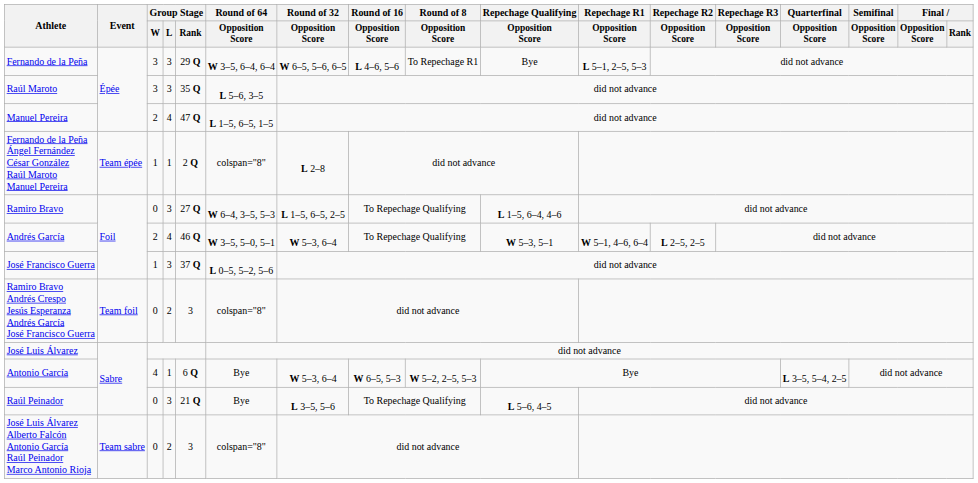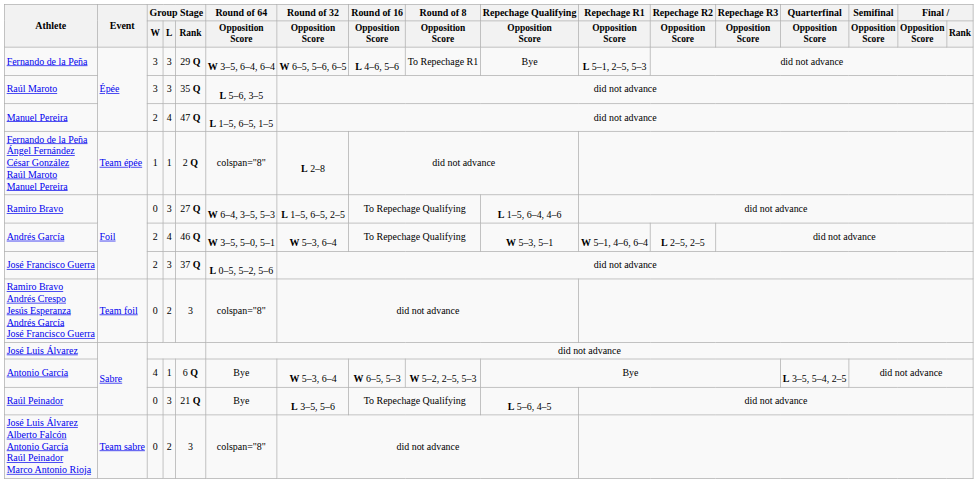 <table class="wikitable" style="font-size:90%">
 <tr>
 <th rowspan="2">Athlete</th>
 <th rowspan="2">Event</th>
 <th colspan="3">Group Stage</th>
 <th>Round of 64</th>
 <th>Round of 32</th>
 <th>Round of 16</th>
 <th>Round of 8</th>
 <th>Repechage Qualifying</th>
 <th>Repechage R1</th>
 <th>Repechage R2</th>
 <th>Repechage R3</th>
 <th>Quarterfinal</th>
 <th>Semifinal</th>
 <th colspan=2>Final / </th>
 </tr>
 <tr style="font-size:95%">
 <th>W</th>
 <th>L</th>
 <th>Rank</th>
 <th>Opposition <br> Score</th>
 <th>Opposition <br> Score</th>
 <th>Opposition <br> Score</th>
 <th>Opposition <br> Score</th>
 <th>Opposition <br> Score</th>
 <th>Opposition <br> Score</th>
 <th>Opposition <br> Score</th>
 <th>Opposition <br> Score</th>
 <th>Opposition <br> Score</th>
 <th>Opposition <br> Score</th>
 <th>Opposition <br> Score</th>
 <th>Rank</th>
 </tr>
 <tr align=center>
 <td align=left><a href='#'>Fernando de la Peña</a></td>
 <td align=left rowspan="3"><a href='#'>Épée</a></td>
 <td>3</td>
 <td>3</td>
 <td>29 <strong>Q</strong></td>
 <td><br><strong>W</strong> 3–5, 6–4, 6–4</td>
 <td><br><strong>W</strong> 6–5, 5–6, 6–5</td>
 <td><br><strong>L</strong> 4–6, 5–6</td>
 <td>To Repechage R1</td>
 <td>Bye</td>
 <td><br><strong>L</strong> 5–1, 2–5, 5–3</td>
 <td colspan="6">did not advance</td>
 </tr>
 <tr align=center>
 <td align=left><a href='#'>Raúl Maroto</a></td>
 <td>3</td>
 <td>3</td>
 <td>35 <strong>Q</strong></td>
 <td><br><strong>L</strong> 5–6, 3–5</td>
 <td colspan="11">did not advance</td>
 </tr>
 <tr align=center>
 <td align=left><a href='#'>Manuel Pereira</a></td>
 <td>2</td>
 <td>4</td>
 <td>47 <strong>Q</strong></td>
 <td><br><strong>L</strong> 1–5, 6–5, 1–5</td>
 <td colspan="11">did not advance</td>
 </tr>
 <tr align=center>
 <td align=left><a href='#'>Fernando de la Peña</a><br><a href='#'>Ángel Fernández</a><br><a href='#'>César González</a><br><a href='#'>Raúl Maroto</a><br><a href='#'>Manuel Pereira</a></td>
 <td align=left><a href='#'>Team épée</a></td>
 <td>1</td>
 <td>1</td>
 <td>2 <strong>Q</strong></td>
 <td>colspan="8" </td>
 <td><br><strong>L</strong> 2–8</td>
 <td colspan="3">did not advance</td>
 </tr>
 <tr align=center>
 <td align=left><a href='#'>Ramiro Bravo</a></td>
 <td align=left rowspan="3"><a href='#'>Foil</a></td>
 <td>0</td>
 <td>3</td>
 <td>27 <strong>Q</strong></td>
 <td><br><strong>W</strong> 6–4, 3–5, 5–3</td>
 <td><br><strong>L</strong> 1–5, 6–5, 2–5</td>
 <td colspan="2">To Repechage Qualifying</td>
 <td><br><strong>L</strong> 1–5, 6–4, 4–6</td>
 <td colspan="7">did not advance</td>
 </tr>
 <tr align=center>
 <td align=left><a href='#'>Andrés García</a></td>
 <td>2</td>
 <td>4</td>
 <td>46 <strong>Q</strong></td>
 <td><br><strong>W</strong> 3–5, 5–0, 5–1</td>
 <td><br><strong>W</strong> 5–3, 6–4</td>
 <td colspan="2">To Repechage Qualifying</td>
 <td><br><strong>W</strong> 5–3, 5–1</td>
 <td><br><strong>W</strong> 5–1, 4–6, 6–4</td>
 <td><br><strong>L</strong> 2–5, 2–5</td>
 <td colspan="5">did not advance</td>
 </tr>
 <tr align=center>
 <td align=left><a href='#'>José Francisco Guerra</a></td>
-<td>1</td>
+<td>2</td>
 <td>3</td>
 <td>37 <strong>Q</strong></td>
 <td><br><strong>L</strong> 0–5, 5–2, 5–6</td>
 <td colspan="11">did not advance</td>
 </tr>
 <tr align=center>
 <td align=left><a href='#'>Ramiro Bravo</a><br><a href='#'>Andrés Crespo</a><br><a href='#'>Jesús Esperanza</a><br><a href='#'>Andrés García</a><br><a href='#'>José Francisco Guerra</a></td>
 <td align=left><a href='#'>Team foil</a></td>
 <td>0</td>
 <td>2</td>
 <td>3</td>
 <td>colspan="8" </td>
 <td colspan="4">did not advance</td>
 </tr>
 <tr align=center>
 <td align=left><a href='#'>José Luis Álvarez</a></td>
 <td align=left rowspan="3"><a href='#'>Sabre</a></td>
 <td colspan="3"></td>
 <td colspan="12">did not advance</td>
 </tr>
 <tr align=center>
 <td align=left><a href='#'>Antonio García</a></td>
 <td>4</td>
 <td>1</td>
 <td>6 <strong>Q</strong></td>
 <td>Bye</td>
 <td><br><strong>W</strong> 5–3, 6–4</td>
 <td><br><strong>W</strong> 6–5, 5–3</td>
 <td><br><strong>W</strong> 5–2, 2–5, 5–3</td>
 <td colspan="4">Bye</td>
 <td><br><strong>L</strong> 3–5, 5–4, 2–5</td>
 <td colspan="3">did not advance</td>
 </tr>
 <tr align=center>
 <td align=left><a href='#'>Raúl Peinador</a></td>
 <td>0</td>
 <td>3</td>
 <td>21 <strong>Q</strong></td>
 <td>Bye</td>
 <td><br><strong>L</strong> 3–5, 5–6</td>
 <td colspan="2">To Repechage Qualifying</td>
 <td><br><strong>L</strong> 5–6, 4–5</td>
 <td colspan="7">did not advance</td>
 </tr>
 <tr align=center>
 <td align=left><a href='#'>José Luis Álvarez</a><br><a href='#'>Alberto Falcón</a><br><a href='#'>Antonio García</a><br><a href='#'>Raúl Peinador</a><br><a href='#'>Marco Antonio Rioja</a></td>
 <td align=left><a href='#'>Team sabre</a></td>
 <td>0</td>
 <td>2</td>
 <td>3</td>
 <td>colspan="8" </td>
 <td colspan="4">did not advance</td>
 </tr>
 </table>
